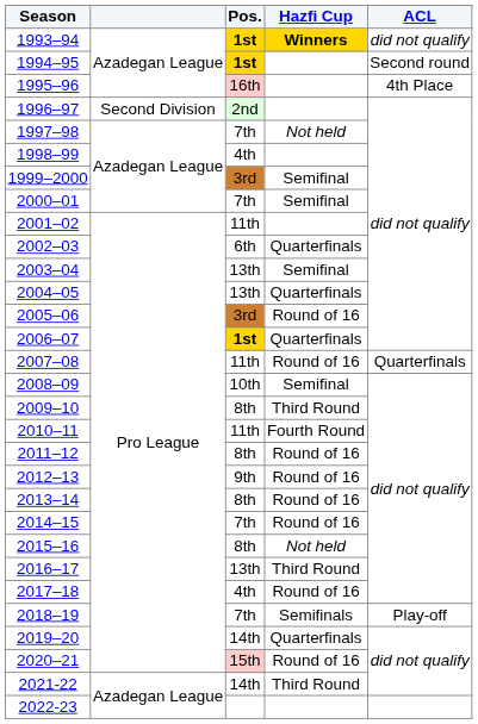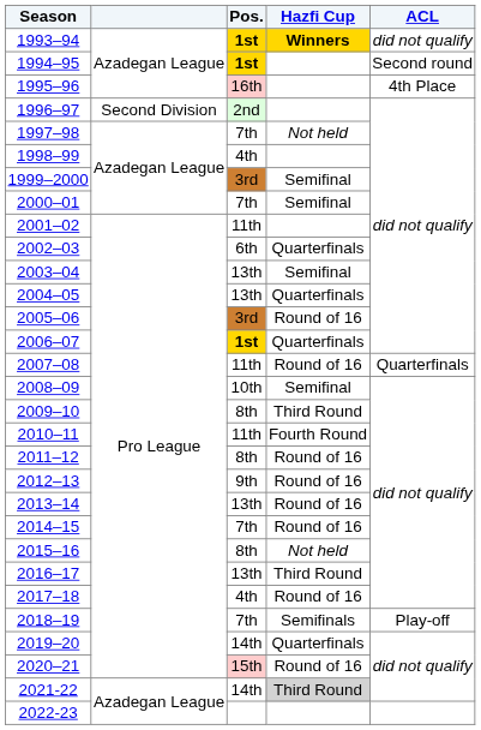 <table border="1" cellpadding="2" style="border-collapse:collapse; text-align:center; font-size:normal;">
 <tr style="background:#f0f6fa;">
 <th>Season</th>
 <th></th>
 <th>Pos.</th>
 <th><a href='#'>Hazfi Cup</a></th>
 <th><a href='#'>ACL</a></th>
 </tr>
 <tr>
 <td><a href='#'>1993–94</a></td>
 <td rowspan="3">Azadegan League</td>
 <td bgcolor=gold><strong>1st</strong></td>
 <td bgcolor=gold><strong>Winners</strong></td>
 <td><em>did not qualify</em></td>
 </tr>
 <tr>
 <td><a href='#'>1994–95</a></td>
 <td bgcolor=gold><strong>1st</strong></td>
 <td></td>
 <td>Second round</td>
 </tr>
 <tr>
 <td><a href='#'>1995–96</a></td>
 <td bgcolor=#fcc>16th</td>
 <td></td>
 <td>4th Place</td>
 </tr>
 <tr>
 <td><a href='#'>1996–97</a></td>
 <td>Second Division</td>
 <td bgcolor=#dfd>2nd</td>
 <td></td>
 <td rowspan=11><em>did not qualify</em></td>
 </tr>
 <tr>
 <td><a href='#'>1997–98</a></td>
 <td rowspan="4">Azadegan League</td>
 <td>7th</td>
 <td><em>Not held</em></td>
 </tr>
 <tr>
 <td><a href='#'>1998–99</a></td>
 <td>4th</td>
 <td></td>
 </tr>
 <tr>
 <td><a href='#'>1999–2000</a></td>
 <td bgcolor="#cd7f32">3rd</td>
 <td>Semifinal</td>
 </tr>
 <tr>
 <td><a href='#'>2000–01</a></td>
 <td>7th</td>
 <td>Semifinal</td>
 </tr>
 <tr>
 <td><a href='#'>2001–02</a></td>
 <td rowspan="20">Pro League</td>
 <td>11th</td>
 <td></td>
 </tr>
 <tr>
 <td><a href='#'>2002–03</a></td>
 <td>6th</td>
 <td>Quarterfinals</td>
 </tr>
 <tr>
 <td><a href='#'>2003–04</a></td>
 <td>13th</td>
 <td>Semifinal</td>
 </tr>
 <tr>
 <td><a href='#'>2004–05</a></td>
 <td>13th</td>
 <td>Quarterfinals</td>
 </tr>
 <tr>
 <td><a href='#'>2005–06</a></td>
 <td bgcolor="#cd7f32">3rd</td>
 <td>Round of 16</td>
 </tr>
 <tr>
 <td><a href='#'>2006–07</a></td>
 <td bgcolor=gold><strong>1st</strong></td>
 <td>Quarterfinals</td>
 </tr>
 <tr>
 <td><a href='#'>2007–08</a></td>
 <td>11th</td>
 <td>Round of 16</td>
 <td>Quarterfinals</td>
 </tr>
 <tr>
 <td><a href='#'>2008–09</a></td>
 <td>10th</td>
 <td>Semifinal</td>
 <td rowspan="10"><em>did not qualify</em></td>
 </tr>
 <tr>
 <td><a href='#'>2009–10</a></td>
 <td>8th</td>
 <td>Third Round</td>
 </tr>
 <tr>
 <td><a href='#'>2010–11</a></td>
 <td>11th</td>
 <td>Fourth Round</td>
 </tr>
 <tr>
 <td><a href='#'>2011–12</a></td>
 <td>8th</td>
 <td>Round of 16</td>
 </tr>
 <tr>
 <td><a href='#'>2012–13</a></td>
 <td>9th</td>
 <td>Round of 16</td>
 </tr>
 <tr>
 <td><a href='#'>2013–14</a></td>
-<td>8th</td>
+<td>13th</td>
 <td>Round of 16</td>
 </tr>
 <tr>
 <td><a href='#'>2014–15</a></td>
 <td>7th</td>
 <td>Round of 16</td>
 </tr>
 <tr>
 <td><a href='#'>2015–16</a></td>
 <td>8th</td>
 <td><em>Not held</em></td>
 </tr>
 <tr>
 <td><a href='#'>2016–17</a></td>
 <td>13th</td>
 <td>Third Round</td>
 </tr>
 <tr>
 <td><a href='#'>2017–18</a></td>
 <td>4th</td>
 <td>Round of 16</td>
 </tr>
 <tr>
 <td><a href='#'>2018–19</a></td>
 <td>7th</td>
 <td>Semifinals</td>
 <td>Play-off</td>
 </tr>
 <tr>
 <td><a href='#'>2019–20</a></td>
 <td>14th</td>
 <td>Quarterfinals</td>
 <td rowspan="3"><em>did not qualify</em></td>
 </tr>
 <tr>
 <td><a href='#'>2020–21</a></td>
 <td bgcolor=#fcc>15th</td>
 <td>Round of 16</td>
 </tr>
 <tr>
 <td><a href='#'>2021-22</a></td>
 <td rowspan="2">Azadegan League</td>
 <td>14th</td>
-<td>Third Round</td>
+<td style="background: lightgrey;">Third Round</td>
 </tr>
 <tr>
 <td><a href='#'>2022-23</a></td>
 <td></td>
 <td></td>
 <td></td>
 </tr>
 </table>
